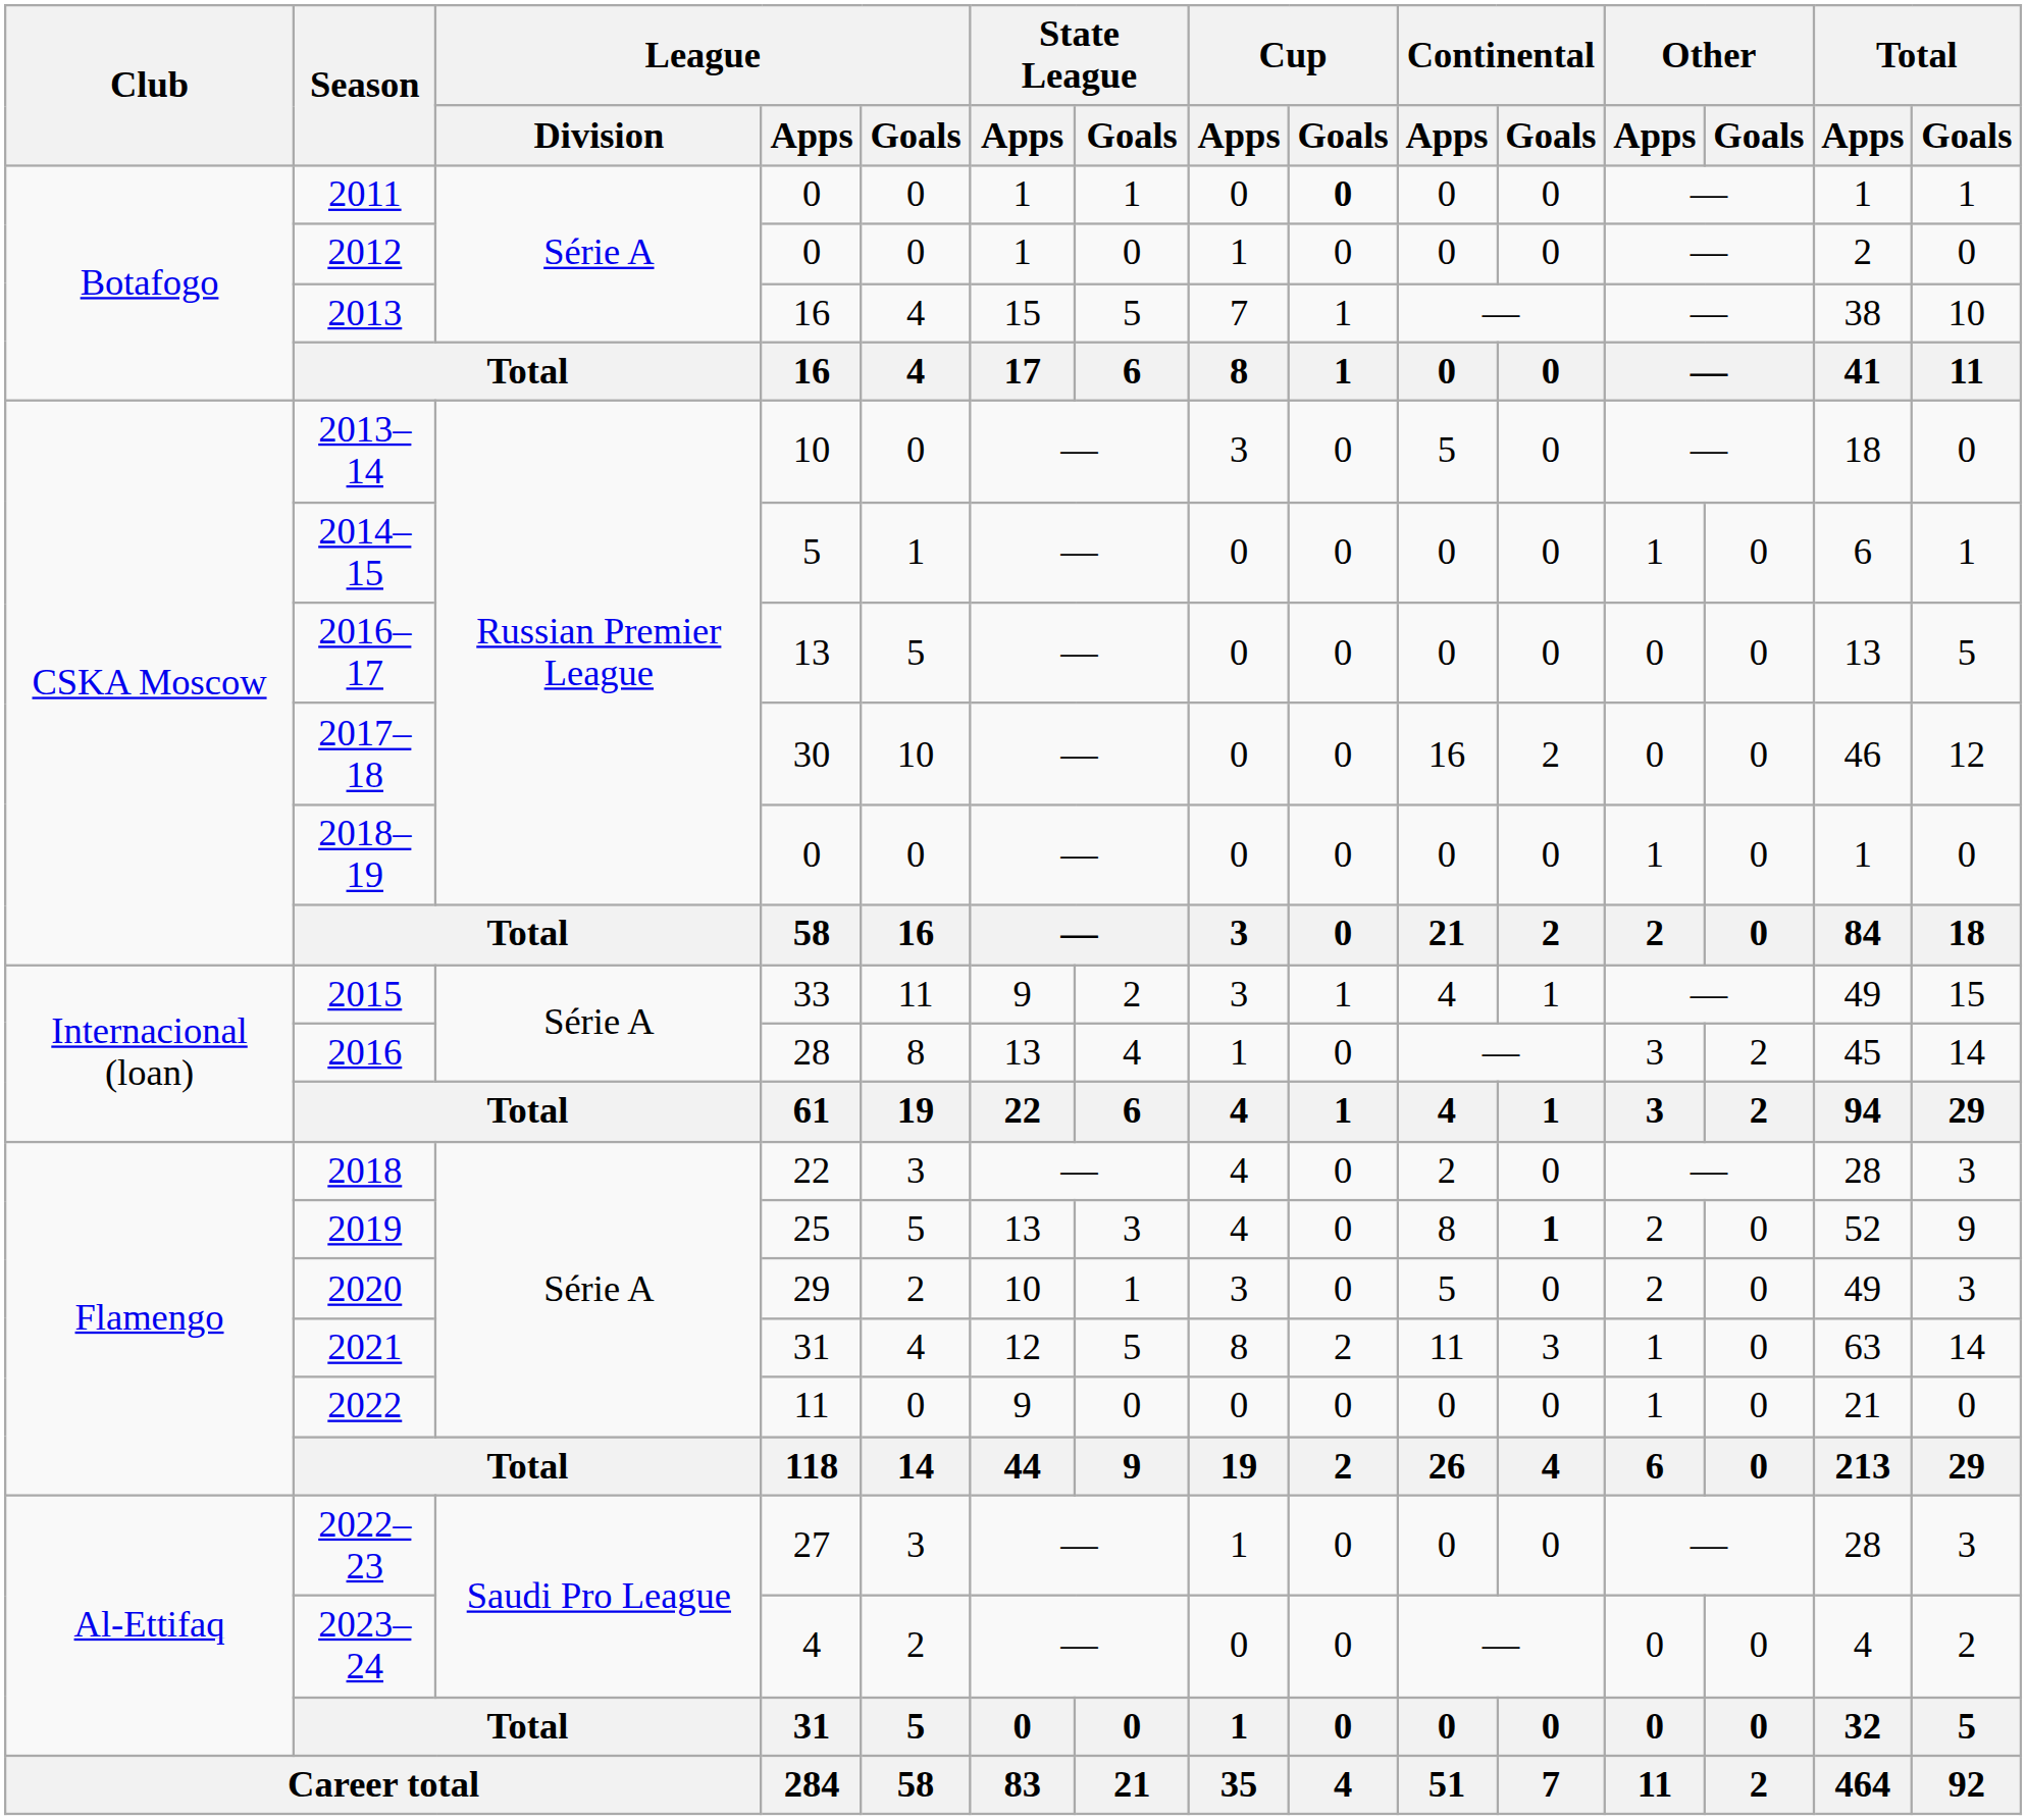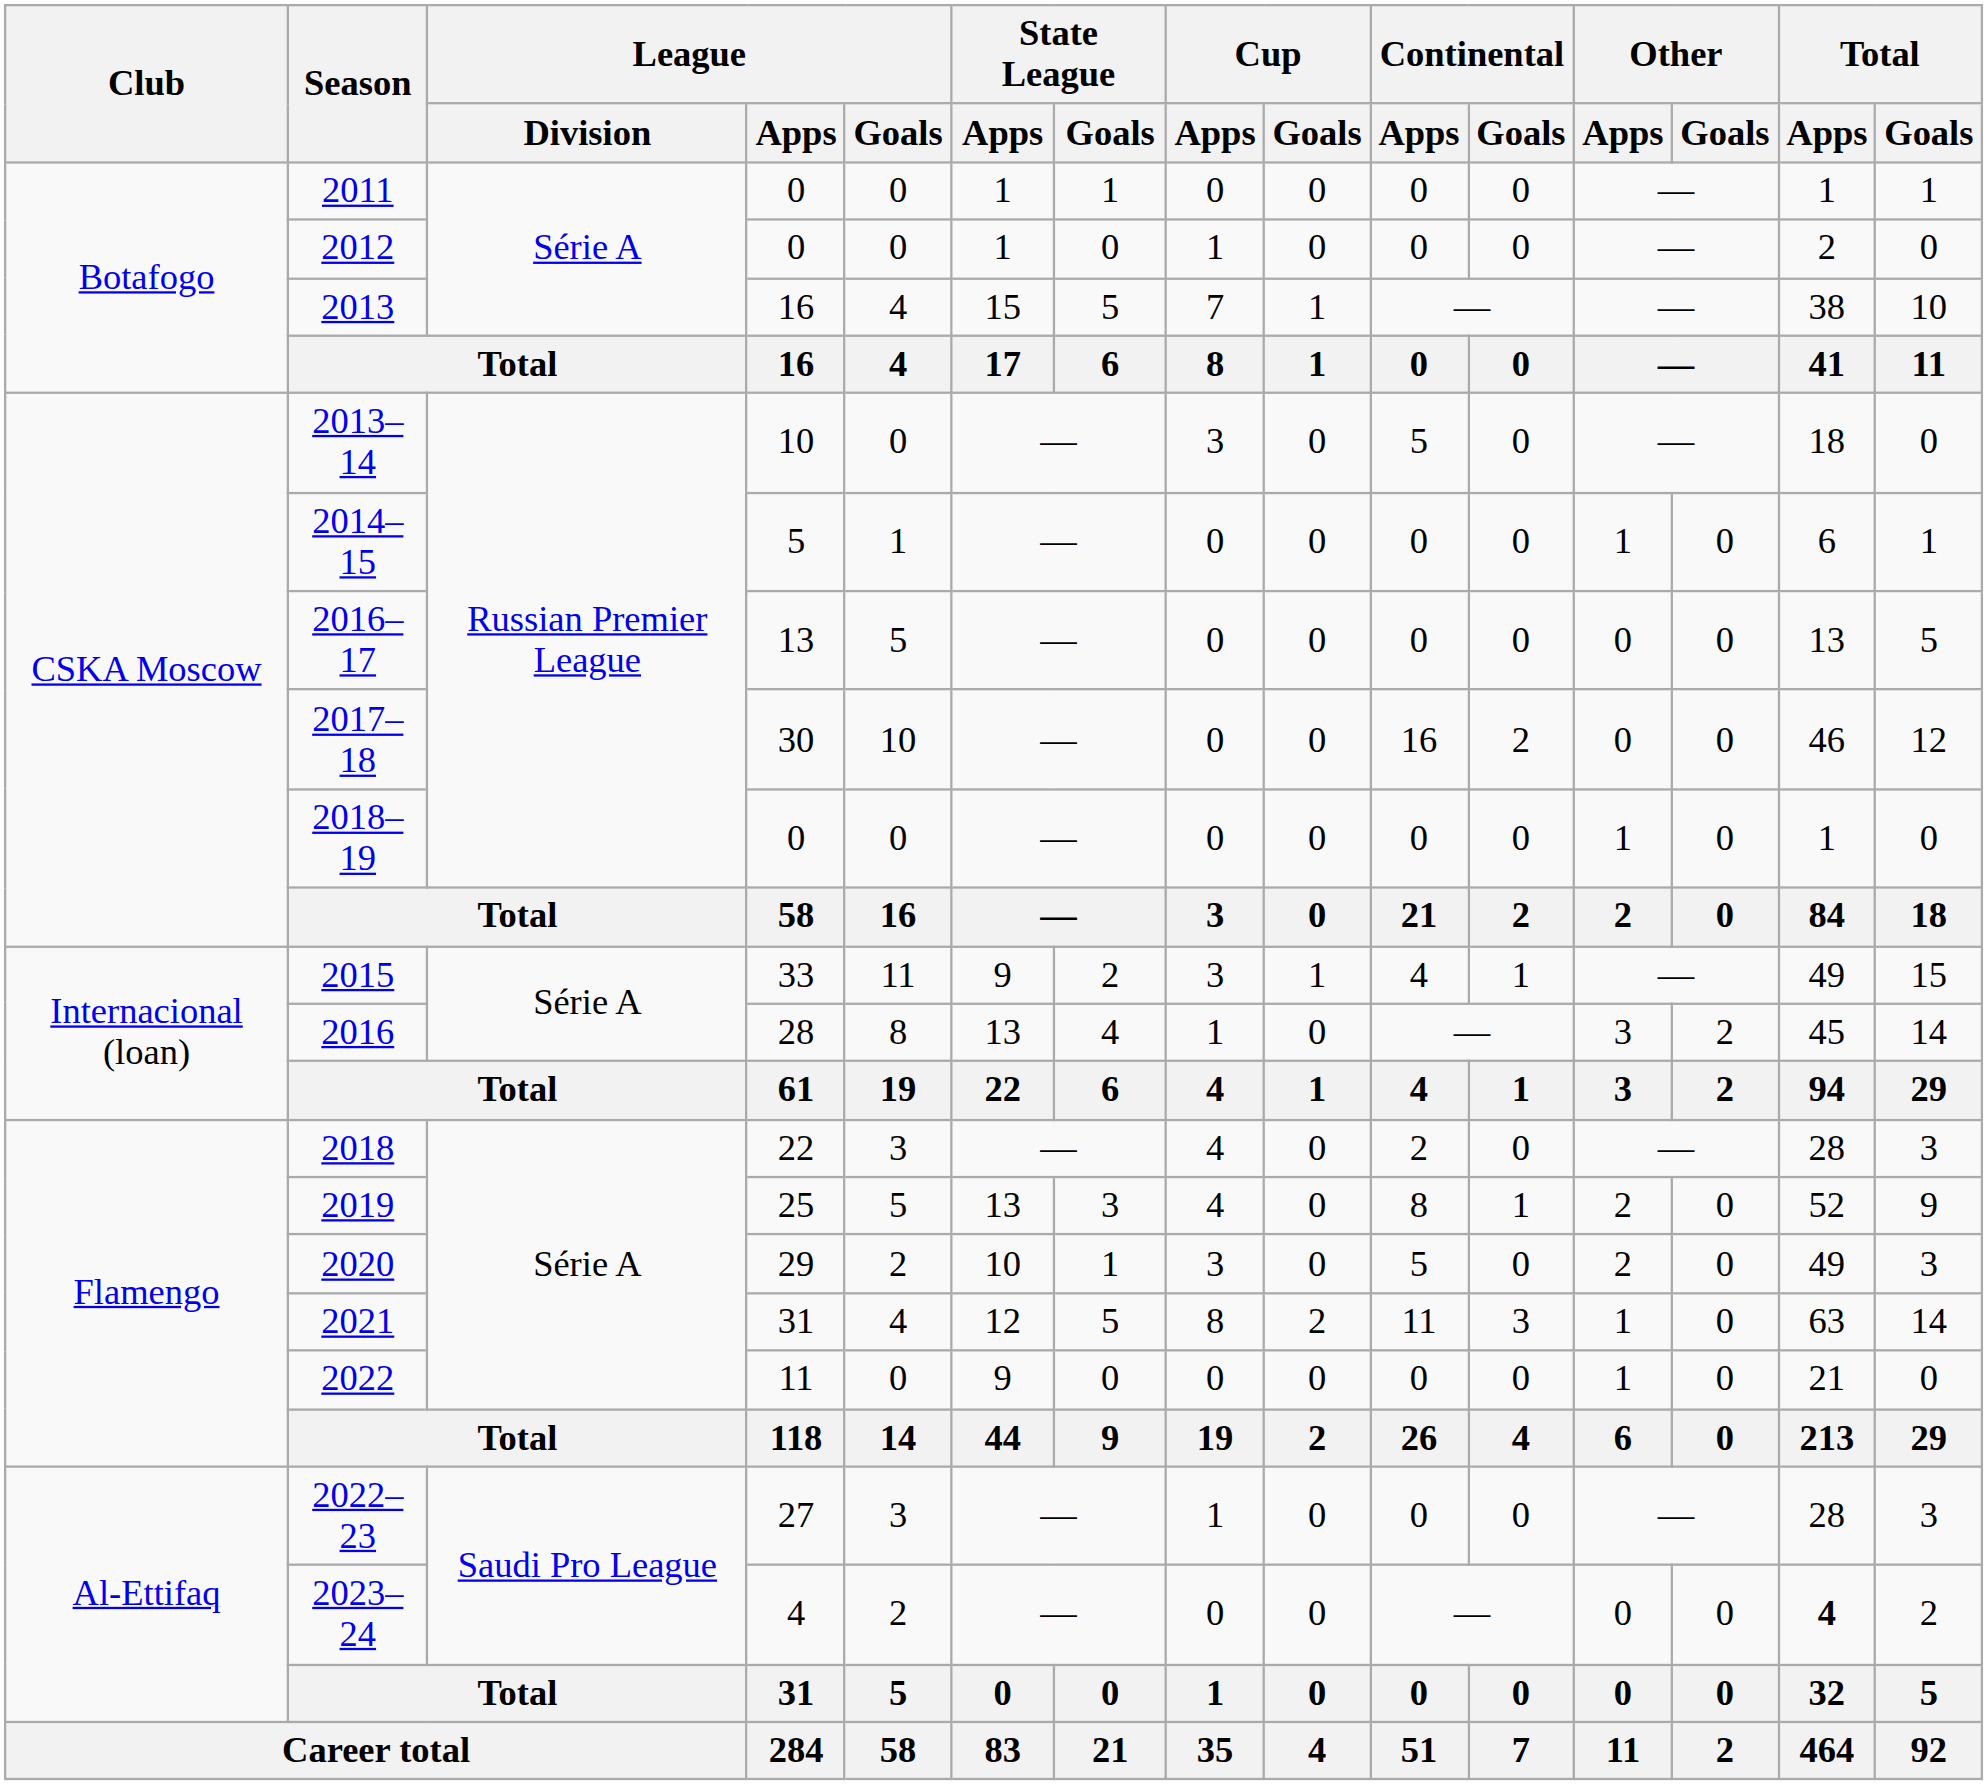 <table class="wikitable" style="text-align: center;">
 <tr>
 <th rowspan="2">Club</th>
 <th rowspan="2">Season</th>
 <th colspan="3">League</th>
 <th colspan="2">State League</th>
 <th colspan="2">Cup</th>
 <th colspan="2">Continental</th>
 <th colspan="2">Other</th>
 <th colspan="2">Total</th>
 </tr>
 <tr>
 <th>Division</th>
 <th>Apps</th>
 <th>Goals</th>
 <th>Apps</th>
 <th>Goals</th>
 <th>Apps</th>
 <th>Goals</th>
 <th>Apps</th>
 <th>Goals</th>
 <th>Apps</th>
 <th>Goals</th>
 <th>Apps</th>
 <th>Goals</th>
 </tr>
 <tr>
 <td rowspan="4"><a href='#'>Botafogo</a></td>
 <td><a href='#'>2011</a></td>
 <td rowspan="3"><a href='#'>Série A</a></td>
 <td>0</td>
 <td>0</td>
 <td>1</td>
 <td>1</td>
 <td>0</td>
-<td><strong>0</strong></td>
+<td>0</td>
 <td>0</td>
 <td>0</td>
 <td colspan="2">—</td>
 <td>1</td>
 <td>1</td>
 </tr>
 <tr>
 <td><a href='#'>2012</a></td>
 <td>0</td>
 <td>0</td>
 <td>1</td>
 <td>0</td>
 <td>1</td>
 <td>0</td>
 <td>0</td>
 <td>0</td>
 <td colspan="2">—</td>
 <td>2</td>
 <td>0</td>
 </tr>
 <tr>
 <td><a href='#'>2013</a></td>
 <td>16</td>
 <td>4</td>
 <td>15</td>
 <td>5</td>
 <td>7</td>
 <td>1</td>
 <td colspan="2">—</td>
 <td colspan="2">—</td>
 <td>38</td>
 <td>10</td>
 </tr>
 <tr>
 <th colspan="2">Total</th>
 <th>16</th>
 <th>4</th>
 <th>17</th>
 <th>6</th>
 <th>8</th>
 <th>1</th>
 <th>0</th>
 <th>0</th>
 <th colspan="2">—</th>
 <th>41</th>
 <th>11</th>
 </tr>
 <tr>
 <td rowspan="6"><a href='#'>CSKA Moscow</a></td>
 <td><a href='#'>2013–14</a></td>
 <td rowspan="5"><a href='#'>Russian Premier League</a></td>
 <td>10</td>
 <td>0</td>
 <td colspan="2">—</td>
 <td>3</td>
 <td>0</td>
 <td>5</td>
 <td>0</td>
 <td colspan="2">—</td>
 <td>18</td>
 <td>0</td>
 </tr>
 <tr>
 <td><a href='#'>2014–15</a></td>
 <td>5</td>
 <td>1</td>
 <td colspan="2">—</td>
 <td>0</td>
 <td>0</td>
 <td>0</td>
 <td>0</td>
 <td>1</td>
 <td>0</td>
 <td>6</td>
 <td>1</td>
 </tr>
 <tr>
 <td><a href='#'>2016–17</a></td>
 <td>13</td>
 <td>5</td>
 <td colspan="2">—</td>
 <td>0</td>
 <td>0</td>
 <td>0</td>
 <td>0</td>
 <td>0</td>
 <td>0</td>
 <td>13</td>
 <td>5</td>
 </tr>
 <tr>
 <td><a href='#'>2017–18</a></td>
 <td>30</td>
 <td>10</td>
 <td colspan="2">—</td>
 <td>0</td>
 <td>0</td>
 <td>16</td>
 <td>2</td>
 <td>0</td>
 <td>0</td>
 <td>46</td>
 <td>12</td>
 </tr>
 <tr>
 <td><a href='#'>2018–19</a></td>
 <td>0</td>
 <td>0</td>
 <td colspan="2">—</td>
 <td>0</td>
 <td>0</td>
 <td>0</td>
 <td>0</td>
 <td>1</td>
 <td>0</td>
 <td>1</td>
 <td>0</td>
 </tr>
 <tr>
 <th colspan="2">Total</th>
 <th>58</th>
 <th>16</th>
 <th colspan="2">—</th>
 <th>3</th>
 <th>0</th>
 <th>21</th>
 <th>2</th>
 <th>2</th>
 <th>0</th>
 <th>84</th>
 <th>18</th>
 </tr>
 <tr>
 <td rowspan="3"><a href='#'>Internacional</a> (loan)</td>
 <td><a href='#'>2015</a></td>
 <td rowspan="2">Série A</td>
 <td>33</td>
 <td>11</td>
 <td>9</td>
 <td>2</td>
 <td>3</td>
 <td>1</td>
 <td>4</td>
 <td>1</td>
 <td colspan="2">—</td>
 <td>49</td>
 <td>15</td>
 </tr>
 <tr>
 <td><a href='#'>2016</a></td>
 <td>28</td>
 <td>8</td>
 <td>13</td>
 <td>4</td>
 <td>1</td>
 <td>0</td>
 <td colspan="2">—</td>
 <td>3</td>
 <td>2</td>
 <td>45</td>
 <td>14</td>
 </tr>
 <tr>
 <th colspan="2">Total</th>
 <th>61</th>
 <th>19</th>
 <th>22</th>
 <th>6</th>
 <th>4</th>
 <th>1</th>
 <th>4</th>
 <th>1</th>
 <th>3</th>
 <th>2</th>
 <th>94</th>
 <th>29</th>
 </tr>
 <tr>
 <td rowspan="6"><a href='#'>Flamengo</a></td>
 <td><a href='#'>2018</a></td>
 <td rowspan="5">Série A</td>
 <td>22</td>
 <td>3</td>
 <td colspan="2">—</td>
 <td>4</td>
 <td>0</td>
 <td>2</td>
 <td>0</td>
 <td colspan="2">—</td>
 <td>28</td>
 <td>3</td>
 </tr>
 <tr>
 <td><a href='#'>2019</a></td>
 <td>25</td>
 <td>5</td>
 <td>13</td>
 <td>3</td>
 <td>4</td>
 <td>0</td>
 <td>8</td>
-<td><strong>1</strong></td>
+<td>1</td>
 <td>2</td>
 <td>0</td>
 <td>52</td>
 <td>9</td>
 </tr>
 <tr>
 <td><a href='#'>2020</a></td>
 <td>29</td>
 <td>2</td>
 <td>10</td>
 <td>1</td>
 <td>3</td>
 <td>0</td>
 <td>5</td>
 <td>0</td>
 <td>2</td>
 <td>0</td>
 <td>49</td>
 <td>3</td>
 </tr>
 <tr>
 <td><a href='#'>2021</a></td>
 <td>31</td>
 <td>4</td>
 <td>12</td>
 <td>5</td>
 <td>8</td>
 <td>2</td>
 <td>11</td>
 <td>3</td>
 <td>1</td>
 <td>0</td>
 <td>63</td>
 <td>14</td>
 </tr>
 <tr>
 <td><a href='#'>2022</a></td>
 <td>11</td>
 <td>0</td>
 <td>9</td>
 <td>0</td>
 <td>0</td>
 <td>0</td>
 <td>0</td>
 <td>0</td>
 <td>1</td>
 <td>0</td>
 <td>21</td>
 <td>0</td>
 </tr>
 <tr>
 <th colspan="2">Total</th>
 <th>118</th>
 <th>14</th>
 <th>44</th>
 <th>9</th>
 <th>19</th>
 <th>2</th>
 <th>26</th>
 <th>4</th>
 <th>6</th>
 <th>0</th>
 <th>213</th>
 <th>29</th>
 </tr>
 <tr>
 <td rowspan="3"><a href='#'>Al-Ettifaq</a></td>
 <td><a href='#'>2022–23</a></td>
 <td rowspan="2"><a href='#'>Saudi Pro League</a></td>
 <td>27</td>
 <td>3</td>
 <td colspan="2">—</td>
 <td>1</td>
 <td>0</td>
 <td>0</td>
 <td>0</td>
 <td colspan="2">—</td>
 <td>28</td>
 <td>3</td>
 </tr>
 <tr>
 <td><a href='#'>2023–24</a></td>
 <td>4</td>
 <td>2</td>
 <td colspan="2">—</td>
 <td>0</td>
 <td>0</td>
 <td colspan="2">—</td>
 <td>0</td>
 <td>0</td>
-<td>4</td>
+<td><strong>4</strong></td>
 <td>2</td>
 </tr>
 <tr>
 <th colspan="2">Total</th>
 <th>31</th>
 <th>5</th>
 <th>0</th>
 <th>0</th>
 <th>1</th>
 <th>0</th>
 <th>0</th>
 <th>0</th>
 <th>0</th>
 <th>0</th>
 <th>32</th>
 <th>5</th>
 </tr>
 <tr>
 <th colspan="3">Career total</th>
 <th>284</th>
 <th>58</th>
 <th>83</th>
 <th>21</th>
 <th>35</th>
 <th>4</th>
 <th>51</th>
 <th>7</th>
 <th>11</th>
 <th>2</th>
 <th>464</th>
 <th>92</th>
 </tr>
 </table>
